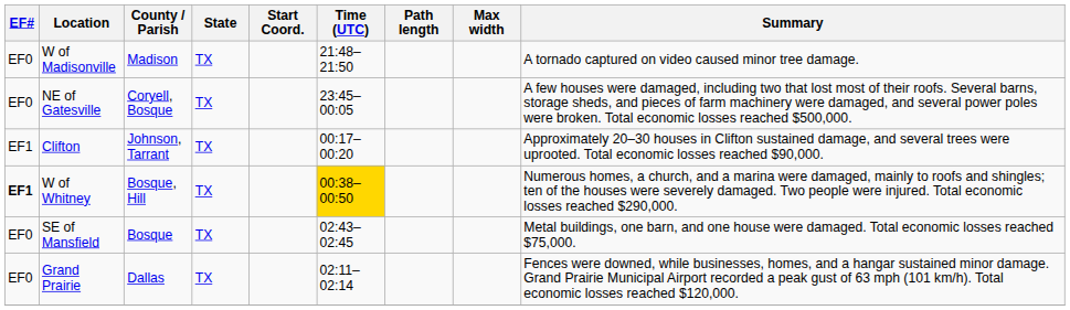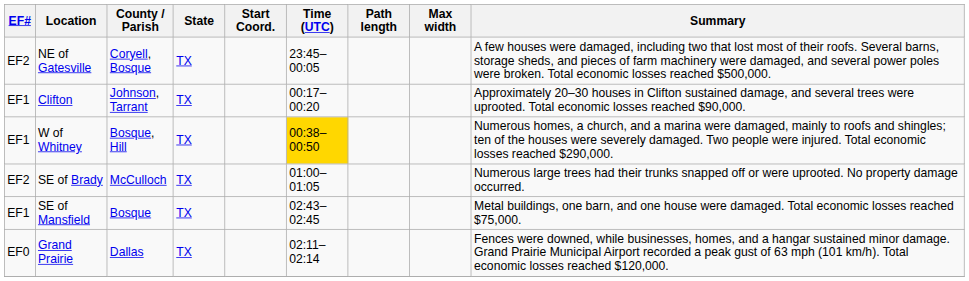 <table class="wikitable sortable" style="width:100%;">
 <tr>
 <th scope="col" style="width:3%; text-align:center;"><a href='#'>EF#</a></th>
 <th scope="col" style="width:7%; text-align:center;" class="unsortable">Location</th>
 <th scope="col" style="width:6%; text-align:center;" class="unsortable">County / Parish</th>
 <th scope="col" style="width:5%; text-align:center;">State</th>
 <th scope="col" style="width:6%; text-align:center;">Start Coord.</th>
 <th scope="col" style="width:6%; text-align:center;">Time (<a href='#'>UTC</a>)</th>
 <th scope="col" style="width:6%; text-align:center;">Path length</th>
 <th scope="col" style="width:6%; text-align:center;">Max width</th>
 <th scope="col" class="unsortable" style="width:48%; text-align:center;">Summary</th>
 </tr>
 <tr>
-<td>EF0</td>
-<td>W of <a href='#'>Madisonville</a></td>
-<td><a href='#'>Madison</a></td>
-<td><a href='#'>TX</a></td>
-<td></td>
-<td>21:48–21:50</td>
-<td></td>
-<td></td>
-<td>A tornado captured on video caused minor tree damage.</td>
-</tr>
-<tr>
-<td>EF0</td>
+<td>EF2</td>
 <td>NE of <a href='#'>Gatesville</a></td>
 <td><a href='#'>Coryell</a>, <a href='#'>Bosque</a></td>
 <td><a href='#'>TX</a></td>
 <td></td>
 <td>23:45–00:05</td>
 <td></td>
 <td></td>
 <td>A few houses were damaged, including two that lost most of their roofs. Several barns, storage sheds, and pieces of farm machinery were damaged, and several power poles were broken. Total economic losses reached $500,000.</td>
 </tr>
 <tr>
 <td>EF1</td>
 <td><a href='#'>Clifton</a></td>
 <td><a href='#'>Johnson</a>, <a href='#'>Tarrant</a></td>
 <td><a href='#'>TX</a></td>
 <td></td>
 <td>00:17–00:20</td>
 <td></td>
 <td></td>
 <td>Approximately 20–30 houses in Clifton sustained damage, and several trees were uprooted. Total economic losses reached $90,000.</td>
 </tr>
 <tr>
-<td><strong>EF1</strong></td>
+<td>EF1</td>
 <td>W of <a href='#'>Whitney</a></td>
 <td><a href='#'>Bosque</a>, <a href='#'>Hill</a></td>
 <td><a href='#'>TX</a></td>
 <td></td>
 <td style="background: gold;">00:38–00:50</td>
 <td></td>
 <td></td>
 <td>Numerous homes, a church, and a marina were damaged, mainly to roofs and shingles; ten of the houses were severely damaged. Two people were injured. Total economic losses reached $290,000.</td>
 </tr>
 <tr>
-<td>EF0</td>
+<td>EF2</td>
+<td>SE of <a href='#'>Brady</a></td>
+<td><a href='#'>McCulloch</a></td>
+<td><a href='#'>TX</a></td>
+<td></td>
+<td>01:00–01:05</td>
+<td></td>
+<td></td>
+<td>Numerous large trees had their trunks snapped off or were uprooted. No property damage occurred.</td>
+</tr>
+<tr>
+<td>EF1</td>
 <td>SE of <a href='#'>Mansfield</a></td>
 <td><a href='#'>Bosque</a></td>
 <td><a href='#'>TX</a></td>
 <td></td>
 <td>02:43–02:45</td>
 <td></td>
 <td></td>
 <td>Metal buildings, one barn, and one house were damaged. Total economic losses reached $75,000.</td>
 </tr>
 <tr>
 <td>EF0</td>
 <td><a href='#'>Grand Prairie</a></td>
 <td><a href='#'>Dallas</a></td>
 <td><a href='#'>TX</a></td>
 <td></td>
 <td>02:11–02:14</td>
 <td></td>
 <td></td>
 <td>Fences were downed, while businesses, homes, and a hangar sustained minor damage. Grand Prairie Municipal Airport recorded a peak gust of 63 mph (101 km/h). Total economic losses reached $120,000.</td>
 </tr>
 <tr>
 </tr>
 </table>
